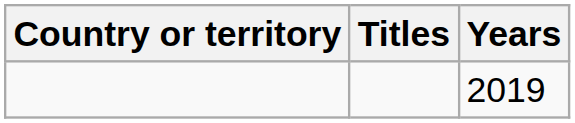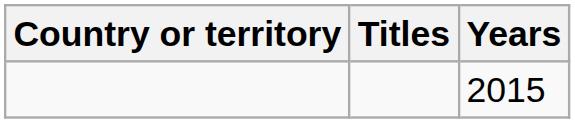 <table class="wikitable" style="font-size:95%;">
 <tr>
 <th>Country or territory</th>
 <th>Titles</th>
 <th>Years</th>
 </tr>
 <tr>
 <td></td>
 <td></td>
-<td>2019</td>
+<td>2015</td>
 </tr>
 </table>
